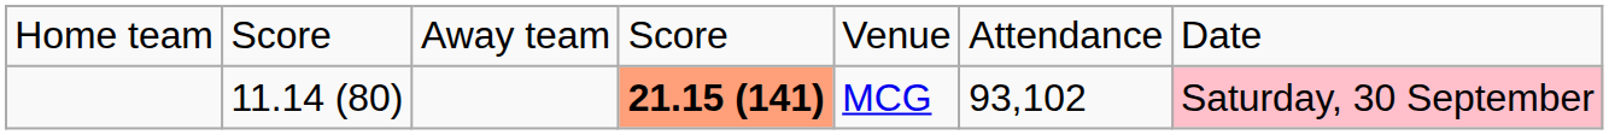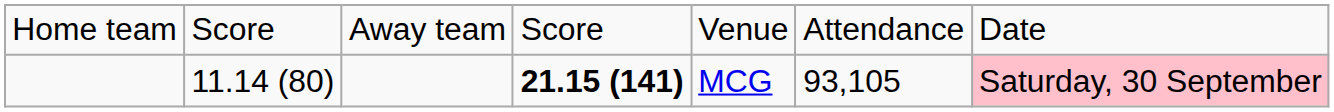 <table class="wikitable" style="text-align:left">
 <tr>
 <td>Home team</td>
 <td>Score</td>
 <td>Away team</td>
 <td>Score</td>
 <td>Venue</td>
 <td>Attendance</td>
 <td>Date</td>
 </tr>
 <tr>
 <td></td>
 <td>11.14 (80)</td>
 <td><strong></strong></td>
-<td style="background: lightsalmon;"><strong>21.15 (141)</strong></td>
+<td><strong>21.15 (141)</strong></td>
 <td><a href='#'>MCG</a></td>
-<td>93,102</td>
+<td>93,105</td>
 <td style="background: pink;">Saturday, 30 September</td>
 </tr>
 </table>
